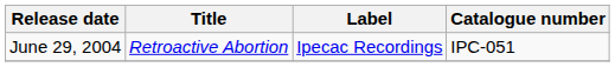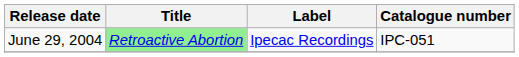 <table class="wikitable">
 <tr>
 <th scope="col">Release date</th>
 <th scope="col">Title</th>
 <th scope="col">Label</th>
 <th scope="col">Catalogue number</th>
 </tr>
 <tr>
 <td>June 29, 2004</td>
-<td><em><a href='#'>Retroactive Abortion</a></em></td>
+<td style="background: lightgreen;"><em><a href='#'>Retroactive Abortion</a></em></td>
 <td><a href='#'>Ipecac Recordings</a></td>
 <td>IPC-051</td>
 </tr>
 <tr>
 </tr>
 </table>
